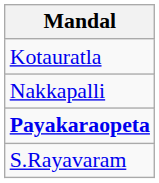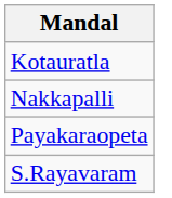 <table class="wikitable sortable static-row-numbers static-row-header-hash">
 <tr>
 <th>Mandal</th>
 </tr>
 <tr>
 <td><a href='#'>Kotauratla</a></td>
 </tr>
 <tr>
 <td><a href='#'>Nakkapalli</a></td>
 </tr>
 <tr>
-<td><strong><a href='#'>Payakaraopeta</a></strong></td>
+<td><a href='#'>Payakaraopeta</a></td>
 </tr>
 <tr>
 <td><a href='#'>S.Rayavaram</a></td>
 </tr>
 </table>
